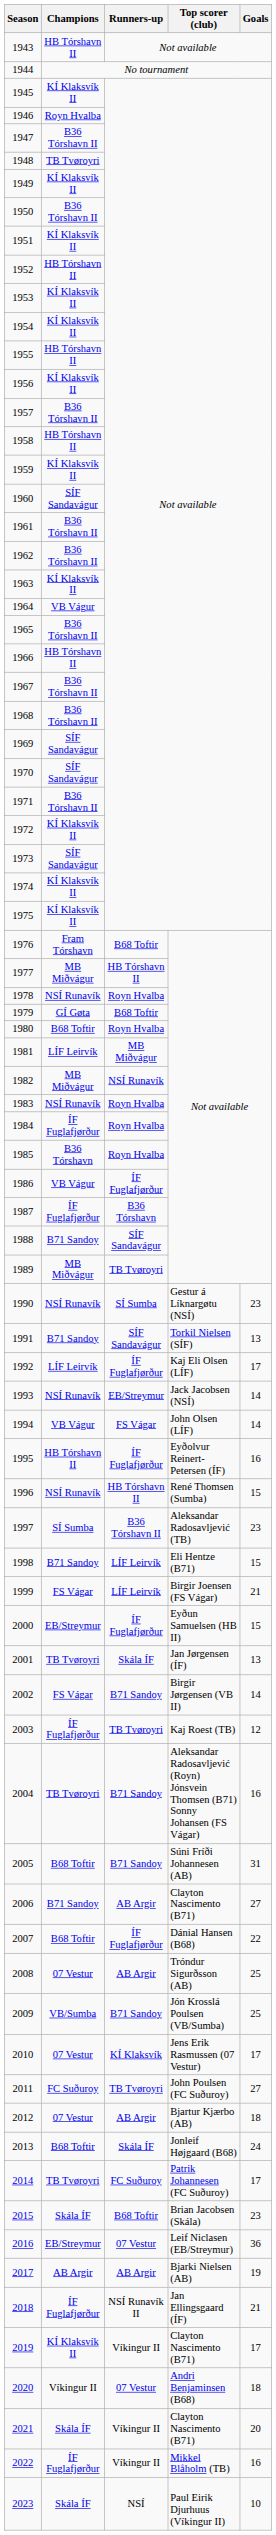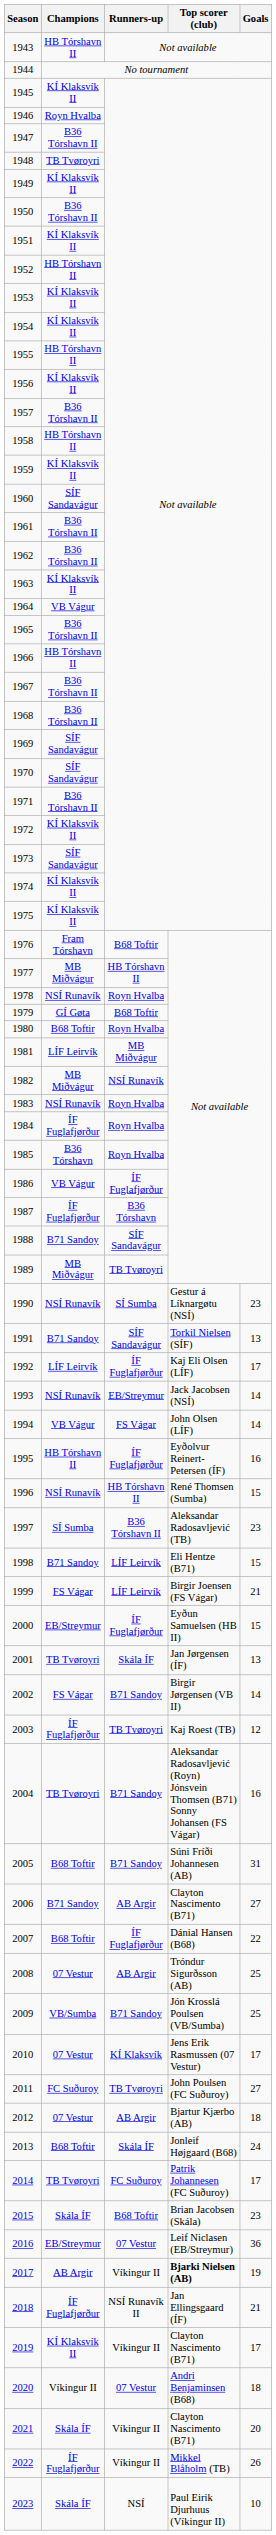 <table class="wikitable sortable" style="text-align:center;" width=65%>
 <tr>
 <th style="width:5%;">Season</th>
 <th style="width:15%;">Champions</th>
 <th style="width:15%;">Runners-up</th>
 <th style="width:25%;">Top scorer (club)<br></th>
 <th style="width:5%;">Goals</th>
 </tr>
 <tr>
 <td>1943</td>
 <td><a href='#'>HB Tórshavn II</a></td>
 <td colspan=3><em>Not available</em></td>
 </tr>
 <tr>
 <td>1944</td>
 <td colspan=4><em>No tournament</em></td>
 </tr>
 <tr>
 <td>1945</td>
 <td><a href='#'>KÍ Klaksvík II</a></td>
 <td colspan=3 rowspan=31><em>Not available</em></td>
 </tr>
 <tr>
 <td>1946</td>
 <td><a href='#'>Royn Hvalba</a></td>
 </tr>
 <tr>
 <td>1947</td>
 <td><a href='#'>B36 Tórshavn II</a></td>
 </tr>
 <tr>
 <td>1948</td>
 <td><a href='#'>TB Tvøroyri</a></td>
 </tr>
 <tr>
 <td>1949</td>
 <td><a href='#'>KÍ Klaksvík II</a></td>
 </tr>
 <tr>
 <td>1950</td>
 <td><a href='#'>B36 Tórshavn II</a></td>
 </tr>
 <tr>
 <td>1951</td>
 <td><a href='#'>KÍ Klaksvík II</a></td>
 </tr>
 <tr>
 <td>1952</td>
 <td><a href='#'>HB Tórshavn II</a></td>
 </tr>
 <tr>
 <td>1953</td>
 <td><a href='#'>KÍ Klaksvík II</a></td>
 </tr>
 <tr>
 <td>1954</td>
 <td><a href='#'>KÍ Klaksvík II</a></td>
 </tr>
 <tr>
 <td>1955</td>
 <td><a href='#'>HB Tórshavn II</a></td>
 </tr>
 <tr>
 <td>1956</td>
 <td><a href='#'>KÍ Klaksvík II</a></td>
 </tr>
 <tr>
 <td>1957</td>
 <td><a href='#'>B36 Tórshavn II</a></td>
 </tr>
 <tr>
 <td>1958</td>
 <td><a href='#'>HB Tórshavn II</a></td>
 </tr>
 <tr>
 <td>1959</td>
 <td><a href='#'>KÍ Klaksvík II</a></td>
 </tr>
 <tr>
 <td>1960</td>
 <td><a href='#'>SÍF Sandavágur</a></td>
 </tr>
 <tr>
 <td>1961</td>
 <td><a href='#'>B36 Tórshavn II</a></td>
 </tr>
 <tr>
 <td>1962</td>
 <td><a href='#'>B36 Tórshavn II</a></td>
 </tr>
 <tr>
 <td>1963</td>
 <td><a href='#'>KÍ Klaksvík II</a></td>
 </tr>
 <tr>
 <td>1964</td>
 <td><a href='#'>VB Vágur</a></td>
 </tr>
 <tr>
 <td>1965</td>
 <td><a href='#'>B36 Tórshavn II</a></td>
 </tr>
 <tr>
 <td>1966</td>
 <td><a href='#'>HB Tórshavn II</a></td>
 </tr>
 <tr>
 <td>1967</td>
 <td><a href='#'>B36 Tórshavn II</a></td>
 </tr>
 <tr>
 <td>1968</td>
 <td><a href='#'>B36 Tórshavn II</a></td>
 </tr>
 <tr>
 <td>1969</td>
 <td><a href='#'>SÍF Sandavágur</a></td>
 </tr>
 <tr>
 <td>1970</td>
 <td><a href='#'>SÍF Sandavágur</a></td>
 </tr>
 <tr>
 <td>1971</td>
 <td><a href='#'>B36 Tórshavn II</a></td>
 </tr>
 <tr>
 <td>1972</td>
 <td><a href='#'>KÍ Klaksvík II</a></td>
 </tr>
 <tr>
 <td>1973</td>
 <td><a href='#'>SÍF Sandavágur</a></td>
 </tr>
 <tr>
 <td>1974</td>
 <td><a href='#'>KÍ Klaksvík II</a></td>
 </tr>
 <tr>
 <td>1975</td>
 <td><a href='#'>KÍ Klaksvík II</a></td>
 </tr>
 <tr>
 <td>1976</td>
 <td><a href='#'>Fram Tórshavn</a></td>
 <td><a href='#'>B68 Toftir</a></td>
 <td colspan=2 rowspan=14><em>Not available</em></td>
 </tr>
 <tr>
 <td>1977</td>
 <td><a href='#'>MB Miðvágur</a></td>
 <td><a href='#'>HB Tórshavn II</a></td>
 </tr>
 <tr>
 <td>1978</td>
 <td><a href='#'>NSÍ Runavík</a></td>
 <td><a href='#'>Royn Hvalba</a></td>
 </tr>
 <tr>
 <td>1979</td>
 <td><a href='#'>GÍ Gøta</a></td>
 <td><a href='#'>B68 Toftir</a></td>
 </tr>
 <tr>
 <td>1980</td>
 <td><a href='#'>B68 Toftir</a></td>
 <td><a href='#'>Royn Hvalba</a></td>
 </tr>
 <tr>
 <td>1981</td>
 <td><a href='#'>LÍF Leirvík</a></td>
 <td><a href='#'>MB Miðvágur</a></td>
 </tr>
 <tr>
 <td>1982</td>
 <td><a href='#'>MB Miðvágur</a></td>
 <td><a href='#'>NSÍ Runavík</a></td>
 </tr>
 <tr>
 <td>1983</td>
 <td><a href='#'>NSÍ Runavík</a></td>
 <td><a href='#'>Royn Hvalba</a></td>
 </tr>
 <tr>
 <td>1984</td>
 <td><a href='#'>ÍF Fuglafjørður</a></td>
 <td><a href='#'>Royn Hvalba</a></td>
 </tr>
 <tr>
 <td>1985</td>
 <td><a href='#'>B36 Tórshavn</a></td>
 <td><a href='#'>Royn Hvalba</a></td>
 </tr>
 <tr>
 <td>1986</td>
 <td><a href='#'>VB Vágur</a></td>
 <td><a href='#'>ÍF Fuglafjørður</a></td>
 </tr>
 <tr>
 <td>1987</td>
 <td><a href='#'>ÍF Fuglafjørður</a></td>
 <td><a href='#'>B36 Tórshavn</a></td>
 </tr>
 <tr>
 <td>1988</td>
 <td><a href='#'>B71 Sandoy</a></td>
 <td><a href='#'>SÍF Sandavágur</a></td>
 </tr>
 <tr>
 <td>1989</td>
 <td><a href='#'>MB Miðvágur</a></td>
 <td><a href='#'>TB Tvøroyri</a></td>
 </tr>
 <tr>
 <td>1990</td>
 <td><a href='#'>NSÍ Runavík</a></td>
 <td><a href='#'>SÍ Sumba</a></td>
 <td style="text-align:left;"> Gestur á Líknargøtu (NSÍ)</td>
 <td>23</td>
 </tr>
 <tr>
 <td>1991</td>
 <td><a href='#'>B71 Sandoy</a></td>
 <td><a href='#'>SÍF Sandavágur</a></td>
 <td style="text-align:left;"> <a href='#'>Torkil Nielsen</a> (SÍF)</td>
 <td>13</td>
 </tr>
 <tr>
 <td>1992</td>
 <td><a href='#'>LÍF Leirvík</a></td>
 <td><a href='#'>ÍF Fuglafjørður</a></td>
 <td style="text-align:left;"> Kaj Eli Olsen (LÍF)</td>
 <td>17</td>
 </tr>
 <tr>
 <td>1993</td>
 <td><a href='#'>NSÍ Runavík</a></td>
 <td><a href='#'>EB/Streymur</a></td>
 <td style="text-align:left;"> Jack Jacobsen (NSÍ)</td>
 <td>14</td>
 </tr>
 <tr>
 <td>1994</td>
 <td><a href='#'>VB Vágur</a></td>
 <td><a href='#'>FS Vágar</a></td>
 <td style="text-align:left;"> John Olsen (LÍF)</td>
 <td>14</td>
 </tr>
 <tr>
 <td>1995</td>
 <td><a href='#'>HB Tórshavn II</a></td>
 <td><a href='#'>ÍF Fuglafjørður</a></td>
 <td style="text-align:left;"> Eyðolvur Reinert-Petersen (ÍF)</td>
 <td>16</td>
 </tr>
 <tr>
 <td>1996</td>
 <td><a href='#'>NSÍ Runavík</a></td>
 <td><a href='#'>HB Tórshavn II</a></td>
 <td style="text-align:left;"> René Thomsen (Sumba)</td>
 <td>15</td>
 </tr>
 <tr>
 <td>1997</td>
 <td><a href='#'>SÍ Sumba</a></td>
 <td><a href='#'>B36 Tórshavn II</a></td>
 <td style="text-align:left;"> Aleksandar Radosavljević (TB)</td>
 <td>23</td>
 </tr>
 <tr>
 <td>1998</td>
 <td><a href='#'>B71 Sandoy</a></td>
 <td><a href='#'>LÍF Leirvík</a></td>
 <td style="text-align:left;"> Eli Hentze (B71)</td>
 <td>15</td>
 </tr>
 <tr>
 <td>1999</td>
 <td><a href='#'>FS Vágar</a></td>
 <td><a href='#'>LÍF Leirvík</a></td>
 <td style="text-align:left;"> Birgir Joensen (FS Vágar)</td>
 <td>21</td>
 </tr>
 <tr>
 <td>2000</td>
 <td><a href='#'>EB/Streymur</a></td>
 <td><a href='#'>ÍF Fuglafjørður</a></td>
 <td style="text-align:left;"> Eyðun Samuelsen (HB II)</td>
 <td>15</td>
 </tr>
 <tr>
 <td>2001</td>
 <td><a href='#'>TB Tvøroyri</a></td>
 <td><a href='#'>Skála ÍF</a></td>
 <td style="text-align:left;"> Jan Jørgensen (ÍF)</td>
 <td>13</td>
 </tr>
 <tr>
 <td>2002</td>
 <td><a href='#'>FS Vágar</a></td>
 <td><a href='#'>B71 Sandoy</a></td>
 <td style="text-align:left;"> Birgir Jørgensen (VB II)</td>
 <td>14</td>
 </tr>
 <tr>
 <td>2003</td>
 <td><a href='#'>ÍF Fuglafjørður</a></td>
 <td><a href='#'>TB Tvøroyri</a></td>
 <td style="text-align:left;"> Kaj Roest (TB)</td>
 <td>12</td>
 </tr>
 <tr>
 <td>2004</td>
 <td><a href='#'>TB Tvøroyri</a></td>
 <td><a href='#'>B71 Sandoy</a></td>
 <td style="text-align:left;"> Aleksandar Radosavljević (Royn)<br> Jónsvein Thomsen (B71)<br> Sonny Johansen (FS Vágar)</td>
 <td>16</td>
 </tr>
 <tr>
 <td>2005</td>
 <td><a href='#'>B68 Toftir</a></td>
 <td><a href='#'>B71 Sandoy</a></td>
 <td style="text-align:left;"> Súni Fríði Johannesen (AB)</td>
 <td>31</td>
 </tr>
 <tr>
 <td>2006</td>
 <td><a href='#'>B71 Sandoy</a></td>
 <td><a href='#'>AB Argir</a></td>
 <td style="text-align:left;"> Clayton Nascimento (B71)</td>
 <td>27</td>
 </tr>
 <tr>
 <td>2007</td>
 <td><a href='#'>B68 Toftir</a></td>
 <td><a href='#'>ÍF Fuglafjørður</a></td>
 <td style="text-align:left;"> Dánial Hansen (B68)</td>
 <td>22</td>
 </tr>
 <tr>
 <td>2008</td>
 <td><a href='#'>07 Vestur</a></td>
 <td><a href='#'>AB Argir</a></td>
 <td style="text-align:left;"> Tróndur Sigurðsson (AB)</td>
 <td>25</td>
 </tr>
 <tr>
 <td>2009</td>
 <td><a href='#'>VB/Sumba</a></td>
 <td><a href='#'>B71 Sandoy</a></td>
 <td style="text-align:left;"> Jón Krosslá Poulsen (VB/Sumba)</td>
 <td>25</td>
 </tr>
 <tr>
 <td>2010</td>
 <td><a href='#'>07 Vestur</a></td>
 <td><a href='#'>KÍ Klaksvík</a></td>
 <td style="text-align:left;"> Jens Erik Rasmussen (07 Vestur)</td>
 <td>17</td>
 </tr>
 <tr>
 <td>2011</td>
 <td><a href='#'>FC Suðuroy</a></td>
 <td><a href='#'>TB Tvøroyri</a></td>
 <td style="text-align:left;"> John Poulsen (FC Suðuroy)</td>
 <td>27</td>
 </tr>
 <tr>
 <td>2012</td>
 <td><a href='#'>07 Vestur</a></td>
 <td><a href='#'>AB Argir</a></td>
 <td style="text-align:left;"> Bjartur Kjærbo (AB)</td>
 <td>18</td>
 </tr>
 <tr>
 <td>2013</td>
 <td><a href='#'>B68 Toftir</a></td>
 <td><a href='#'>Skála ÍF</a></td>
 <td style="text-align:left;"> Jonleif Højgaard (B68)</td>
 <td>24</td>
 </tr>
 <tr>
 <td><a href='#'>2014</a></td>
 <td><a href='#'>TB Tvøroyri</a></td>
 <td><a href='#'>FC Suðuroy</a></td>
 <td style="text-align:left;"> <a href='#'>Patrik Johannesen</a> (FC Suðuroy)</td>
 <td>17</td>
 </tr>
 <tr>
 <td><a href='#'>2015</a></td>
 <td><a href='#'>Skála ÍF</a></td>
 <td><a href='#'>B68 Toftir</a></td>
 <td style="text-align:left;"> Brian Jacobsen (Skála)</td>
 <td>23</td>
 </tr>
 <tr>
 <td><a href='#'>2016</a></td>
 <td><a href='#'>EB/Streymur</a></td>
 <td><a href='#'>07 Vestur</a></td>
 <td style="text-align:left;"> Leif Niclasen (EB/Streymur)</td>
 <td>36</td>
 </tr>
 <tr>
 <td><a href='#'>2017</a></td>
 <td><a href='#'>AB Argir</a></td>
-<td><a href='#'>AB Argir</a></td>
-<td style="text-align:left;"> Bjarki Nielsen (AB)</td>
+<td>Víkingur II</td>
+<td style="text-align:left;"><strong> Bjarki Nielsen (AB)</strong></td>
 <td>19</td>
 </tr>
 <tr>
 <td><a href='#'>2018</a></td>
 <td><a href='#'>ÍF Fuglafjørður</a></td>
 <td>NSÍ Runavík II</td>
 <td style="text-align:left;"> Jan Ellingsgaard (ÍF)</td>
 <td>21</td>
 </tr>
 <tr>
 <td><a href='#'>2019</a></td>
 <td><a href='#'>KÍ Klaksvík II</a></td>
 <td>Víkingur II</td>
 <td style="text-align:left;"> Clayton Nascimento (B71)</td>
 <td>17</td>
 </tr>
 <tr>
 <td><a href='#'>2020</a></td>
 <td>Víkingur II</td>
 <td><a href='#'>07 Vestur</a></td>
 <td style="text-align:left;"> <a href='#'>Andri Benjaminsen</a> (B68)</td>
 <td>18</td>
 </tr>
 <tr>
 <td><a href='#'>2021</a></td>
 <td><a href='#'>Skála ÍF</a></td>
 <td>Víkingur II</td>
 <td style="text-align:left;"> Clayton Nascimento (B71)</td>
 <td>20</td>
 </tr>
 <tr>
 <td><a href='#'>2022</a></td>
 <td><a href='#'>ÍF Fuglafjørður</a></td>
 <td>Víkingur II</td>
 <td style="text-align:left;"> <a href='#'>Mikkel Blåholm</a> (TB)</td>
-<td>16</td>
+<td>26</td>
 </tr>
 <tr>
 <td><a href='#'>2023</a></td>
 <td><a href='#'>Skála ÍF</a></td>
 <td>NSÍ</td>
 <td style="text-align:left;"><br> Paul Eirik Djurhuus (Víkingur II)</td>
 <td>10</td>
 </tr>
 </table>
